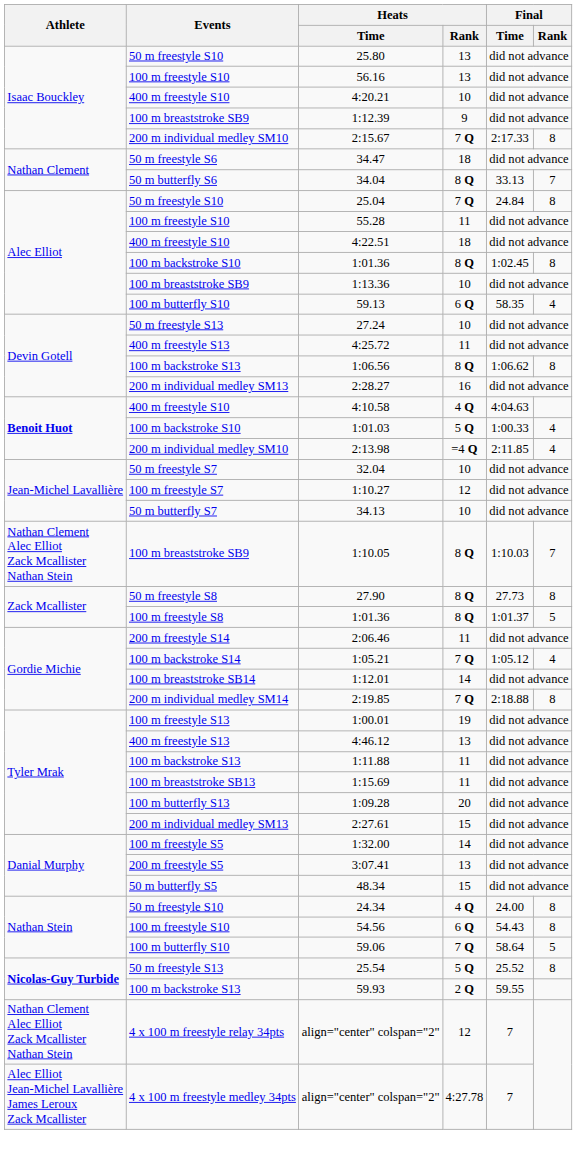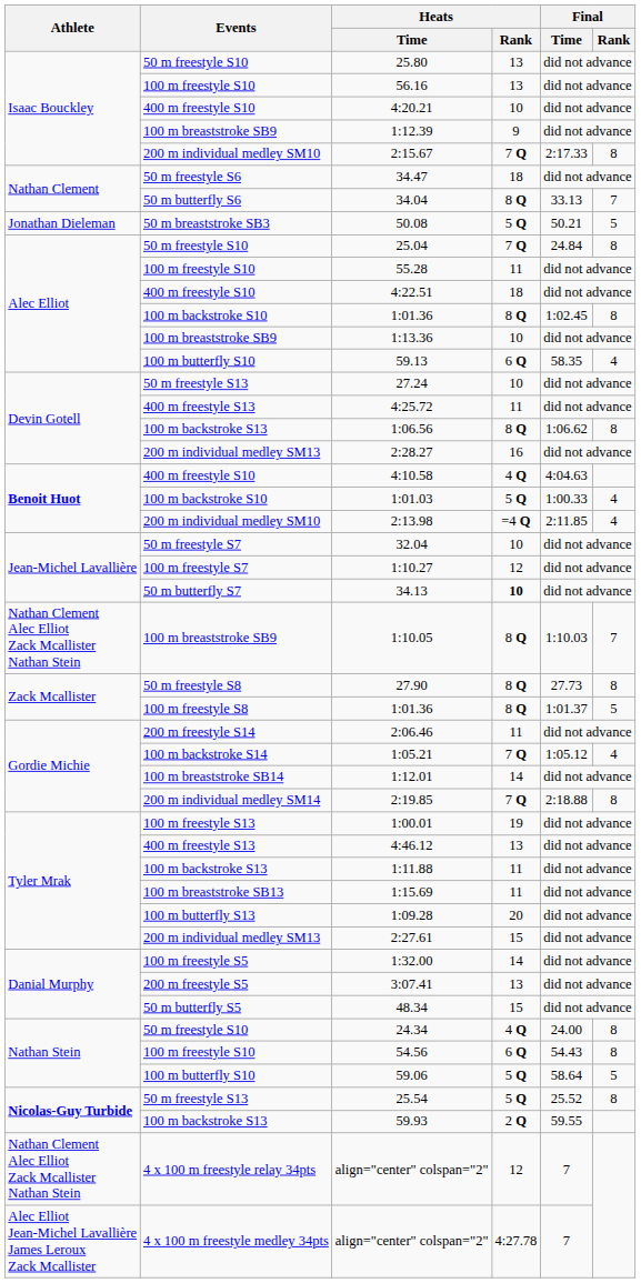 <table class=wikitable style="font-size:90%">
 <tr>
 <th rowspan="2">Athlete</th>
 <th rowspan="2">Events</th>
 <th colspan="2">Heats</th>
 <th colspan="2">Final</th>
 </tr>
 <tr>
 <th>Time</th>
 <th>Rank</th>
 <th>Time</th>
 <th>Rank</th>
 </tr>
 <tr>
 <td rowspan="5"><a href='#'>Isaac Bouckley</a></td>
 <td><a href='#'>50 m freestyle S10</a></td>
 <td align="center">25.80</td>
 <td align="center">13</td>
 <td align="center" colspan="2">did not advance</td>
 </tr>
 <tr>
 <td><a href='#'>100 m freestyle S10</a></td>
 <td align="center">56.16</td>
 <td align="center">13</td>
 <td align="center" colspan="2">did not advance</td>
 </tr>
 <tr>
 <td><a href='#'>400 m freestyle S10</a></td>
 <td align="center">4:20.21</td>
 <td align="center">10</td>
 <td align="center" colspan="2">did not advance</td>
 </tr>
 <tr>
 <td><a href='#'>100 m breaststroke SB9</a></td>
 <td align="center">1:12.39</td>
 <td align="center">9</td>
 <td align="center" colspan="2">did not advance</td>
 </tr>
 <tr>
 <td><a href='#'>200 m individual medley SM10</a></td>
 <td align="center">2:15.67</td>
 <td align="center">7 <strong>Q</strong></td>
 <td align="center">2:17.33</td>
 <td align="center">8</td>
 </tr>
 <tr>
 <td rowspan="2"><a href='#'>Nathan Clement</a></td>
 <td><a href='#'>50 m freestyle S6</a></td>
 <td align="center">34.47</td>
 <td align="center">18</td>
 <td align="center" colspan="2">did not advance</td>
 </tr>
 <tr>
 <td><a href='#'>50 m butterfly S6</a></td>
 <td align="center">34.04</td>
 <td align="center">8 <strong>Q</strong></td>
 <td align="center">33.13</td>
 <td align="center">7</td>
+</tr>
+<tr>
+<td><a href='#'>Jonathan Dieleman</a></td>
+<td><a href='#'>50 m breaststroke SB3</a></td>
+<td align="center">50.08</td>
+<td align="center">5 <strong>Q</strong></td>
+<td align="center">50.21</td>
+<td align="center">5</td>
 </tr>
 <tr>
 <td rowspan="6"><a href='#'>Alec Elliot</a></td>
 <td><a href='#'>50 m freestyle S10</a></td>
 <td align="center">25.04</td>
 <td align="center">7 <strong>Q</strong></td>
 <td align="center">24.84</td>
 <td align="center">8</td>
 </tr>
 <tr>
 <td><a href='#'>100 m freestyle S10</a></td>
 <td align="center">55.28</td>
 <td align="center">11</td>
 <td align="center" colspan="2">did not advance</td>
 </tr>
 <tr>
 <td><a href='#'>400 m freestyle S10</a></td>
 <td align="center">4:22.51</td>
 <td align="center">18</td>
 <td align="center" colspan="2">did not advance</td>
 </tr>
 <tr>
 <td><a href='#'>100 m backstroke S10</a></td>
 <td align="center">1:01.36</td>
 <td align="center">8 <strong>Q</strong></td>
 <td align="center">1:02.45</td>
 <td align="center">8</td>
 </tr>
 <tr>
 <td><a href='#'>100 m breaststroke SB9</a></td>
 <td align="center">1:13.36</td>
 <td align="center">10</td>
 <td align="center" colspan="2">did not advance</td>
 </tr>
 <tr>
 <td><a href='#'>100 m butterfly S10</a></td>
 <td align="center">59.13</td>
 <td align="center">6 <strong>Q</strong></td>
 <td align="center">58.35</td>
 <td align="center">4</td>
 </tr>
 <tr>
 <td rowspan="4"><a href='#'>Devin Gotell</a></td>
 <td><a href='#'>50 m freestyle S13</a></td>
 <td align="center">27.24</td>
 <td align="center">10</td>
 <td align="center" colspan="2">did not advance</td>
 </tr>
 <tr>
 <td><a href='#'>400 m freestyle S13</a></td>
 <td align="center">4:25.72</td>
 <td align="center">11</td>
 <td align="center" colspan="2">did not advance</td>
 </tr>
 <tr>
 <td><a href='#'>100 m backstroke S13</a></td>
 <td align="center">1:06.56</td>
 <td align="center">8 <strong>Q</strong></td>
 <td align="center">1:06.62</td>
 <td align="center">8</td>
 </tr>
 <tr>
 <td><a href='#'>200 m individual medley SM13</a></td>
 <td align="center">2:28.27</td>
 <td align="center">16</td>
 <td align="center" colspan="2">did not advance</td>
 </tr>
 <tr>
 <td rowspan="3"><strong><a href='#'>Benoit Huot</a></strong></td>
 <td><a href='#'>400 m freestyle S10</a></td>
 <td align="center">4:10.58</td>
 <td align="center">4 <strong>Q</strong></td>
 <td align="center">4:04.63</td>
 <td align="center"></td>
 </tr>
 <tr>
 <td><a href='#'>100 m backstroke S10</a></td>
 <td align="center">1:01.03</td>
 <td align="center">5 <strong>Q</strong></td>
 <td align="center">1:00.33</td>
 <td align="center">4</td>
 </tr>
 <tr>
 <td><a href='#'>200 m individual medley SM10</a></td>
 <td align="center">2:13.98</td>
 <td align="center">=4 <strong>Q</strong></td>
 <td align="center">2:11.85</td>
 <td align="center">4</td>
 </tr>
 <tr>
 <td rowspan="3"><a href='#'>Jean-Michel Lavallière</a></td>
 <td><a href='#'>50 m freestyle S7</a></td>
 <td align="center">32.04</td>
 <td align="center">10</td>
 <td align="center" colspan="2">did not advance</td>
 </tr>
 <tr>
 <td><a href='#'>100 m freestyle S7</a></td>
 <td align="center">1:10.27</td>
 <td align="center">12</td>
 <td align="center" colspan="2">did not advance</td>
 </tr>
 <tr>
 <td><a href='#'>50 m butterfly S7</a></td>
 <td align="center">34.13</td>
-<td align="center">10</td>
+<td align="center"><strong>10</strong></td>
 <td align="center" colspan="2">did not advance</td>
 </tr>
 <tr>
 <td align=left><a href='#'>Nathan Clement</a><br><a href='#'>Alec Elliot</a><br><a href='#'>Zack Mcallister</a><br><a href='#'>Nathan Stein</a></td>
 <td><a href='#'>100 m breaststroke SB9</a></td>
 <td align="center">1:10.05</td>
 <td align="center">8 <strong>Q</strong></td>
 <td align="center">1:10.03</td>
 <td align="center">7</td>
 </tr>
 <tr>
 <td rowspan="2"><a href='#'>Zack Mcallister</a></td>
 <td><a href='#'>50 m freestyle S8</a></td>
 <td align="center">27.90</td>
 <td align="center">8 <strong>Q</strong></td>
 <td align="center">27.73</td>
 <td align="center">8</td>
 </tr>
 <tr>
 <td><a href='#'>100 m freestyle S8</a></td>
 <td align="center">1:01.36</td>
 <td align="center">8 <strong>Q</strong></td>
 <td align="center">1:01.37</td>
 <td align="center">5</td>
 </tr>
 <tr>
 <td rowspan="4"><a href='#'>Gordie Michie</a></td>
 <td><a href='#'>200 m freestyle S14</a></td>
 <td align="center">2:06.46</td>
 <td align="center">11</td>
 <td align="center" colspan="2">did not advance</td>
 </tr>
 <tr>
 <td><a href='#'>100 m backstroke S14</a></td>
 <td align="center">1:05.21</td>
 <td align="center">7 <strong>Q</strong></td>
 <td align="center">1:05.12</td>
 <td align="center">4</td>
 </tr>
 <tr>
 <td><a href='#'>100 m breaststroke SB14</a></td>
 <td align="center">1:12.01</td>
 <td align="center">14</td>
 <td align="center" colspan="2">did not advance</td>
 </tr>
 <tr>
 <td><a href='#'>200 m individual medley SM14</a></td>
 <td align="center">2:19.85</td>
 <td align="center">7 <strong>Q</strong></td>
 <td align="center">2:18.88</td>
 <td align="center">8</td>
 </tr>
 <tr>
 <td rowspan="6"><a href='#'>Tyler Mrak</a></td>
 <td><a href='#'>100 m freestyle S13</a></td>
 <td align="center">1:00.01</td>
 <td align="center">19</td>
 <td align="center" colspan="2">did not advance</td>
 </tr>
 <tr>
 <td><a href='#'>400 m freestyle S13</a></td>
 <td align="center">4:46.12</td>
 <td align="center">13</td>
 <td align="center" colspan="2">did not advance</td>
 </tr>
 <tr>
 <td><a href='#'>100 m backstroke S13</a></td>
 <td align="center">1:11.88</td>
 <td align="center">11</td>
 <td align="center" colspan="2">did not advance</td>
 </tr>
 <tr>
 <td><a href='#'>100 m breaststroke SB13</a></td>
 <td align="center">1:15.69</td>
 <td align="center">11</td>
 <td align="center" colspan="2">did not advance</td>
 </tr>
 <tr>
 <td><a href='#'>100 m butterfly S13</a></td>
 <td align="center">1:09.28</td>
 <td align="center">20</td>
 <td align="center" colspan="2">did not advance</td>
 </tr>
 <tr>
 <td><a href='#'>200 m individual medley SM13</a></td>
 <td align="center">2:27.61</td>
 <td align="center">15</td>
 <td align="center" colspan="2">did not advance</td>
 </tr>
 <tr>
 <td rowspan="3"><a href='#'>Danial Murphy</a></td>
 <td><a href='#'>100 m freestyle S5</a></td>
 <td align="center">1:32.00</td>
 <td align="center">14</td>
 <td align="center" colspan="2">did not advance</td>
 </tr>
 <tr>
 <td><a href='#'>200 m freestyle S5</a></td>
 <td align="center">3:07.41</td>
 <td align="center">13</td>
 <td align="center" colspan="2">did not advance</td>
 </tr>
 <tr>
 <td><a href='#'>50 m butterfly S5</a></td>
 <td align="center">48.34</td>
 <td align="center">15</td>
 <td align="center" colspan="2">did not advance</td>
 </tr>
 <tr>
 <td rowspan="3"><a href='#'>Nathan Stein</a></td>
 <td><a href='#'>50 m freestyle S10</a></td>
 <td align="center">24.34</td>
 <td align="center">4 <strong>Q</strong></td>
 <td align="center">24.00</td>
 <td align="center">8</td>
 </tr>
 <tr>
 <td><a href='#'>100 m freestyle S10</a></td>
 <td align="center">54.56</td>
 <td align="center">6 <strong>Q</strong></td>
 <td align="center">54.43</td>
 <td align="center">8</td>
 </tr>
 <tr>
 <td><a href='#'>100 m butterfly S10</a></td>
 <td align="center">59.06</td>
-<td align="center">7 <strong>Q</strong></td>
+<td align="center">5 <strong>Q</strong></td>
 <td align="center">58.64</td>
 <td align="center">5</td>
 </tr>
 <tr>
 <td rowspan="2"><strong><a href='#'>Nicolas-Guy Turbide</a></strong></td>
 <td><a href='#'>50 m freestyle S13</a></td>
 <td align="center">25.54</td>
 <td align="center">5 <strong>Q</strong></td>
 <td align="center">25.52</td>
 <td align="center">8</td>
 </tr>
 <tr>
 <td><a href='#'>100 m backstroke S13</a></td>
 <td align="center">59.93</td>
 <td align="center">2 <strong>Q</strong></td>
 <td align="center">59.55</td>
 <td align="center"></td>
 </tr>
 <tr align=center>
 <td align=left><a href='#'>Nathan Clement</a><br><a href='#'>Alec Elliot</a><br><a href='#'>Zack Mcallister</a><br><a href='#'>Nathan Stein</a></td>
 <td align=left><a href='#'>4 x 100 m freestyle relay 34pts</a></td>
 <td>align="center" colspan="2" </td>
 <td align="center">12</td>
 <td align="center">7</td>
 </tr>
 <tr align=center>
 <td align=left><a href='#'>Alec Elliot</a><br><a href='#'>Jean-Michel Lavallière</a><br><a href='#'>James Leroux</a><br><a href='#'>Zack Mcallister</a></td>
 <td align=left><a href='#'>4 x 100 m freestyle medley 34pts</a></td>
 <td>align="center" colspan="2" </td>
 <td align="center">4:27.78</td>
 <td align="center">7</td>
 </tr>
 </table>
